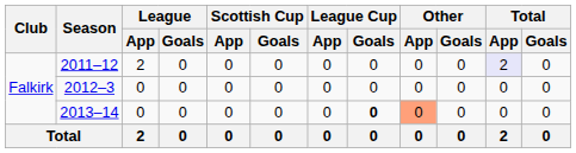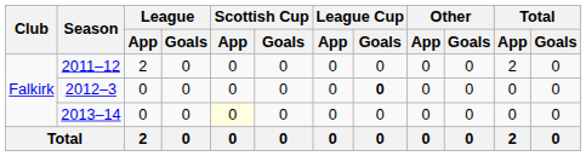 <table class="wikitable">
 <tr>
 <th rowspan=2>Club</th>
 <th rowspan=2>Season</th>
 <th colspan=2>League</th>
 <th colspan=2>Scottish Cup</th>
 <th colspan=2>League Cup</th>
 <th colspan=2>Other</th>
 <th colspan=2>Total</th>
 </tr>
 <tr>
 <th>App</th>
 <th>Goals</th>
 <th>App</th>
 <th>Goals</th>
 <th>App</th>
 <th>Goals</th>
 <th>App</th>
 <th>Goals</th>
 <th>App</th>
 <th>Goals</th>
 </tr>
 <tr align=center>
 <td rowspan=3><a href='#'>Falkirk</a></td>
 <td><a href='#'>2011–12</a></td>
 <td>2</td>
 <td>0</td>
 <td>0</td>
 <td>0</td>
 <td>0</td>
 <td>0</td>
 <td>0</td>
 <td>0</td>
-<td style="background: lavender;">2</td>
+<td>2</td>
 <td>0</td>
 </tr>
 <tr align=center>
 <td><a href='#'>2012–3</a></td>
 <td>0</td>
 <td>0</td>
 <td>0</td>
 <td>0</td>
 <td>0</td>
-<td>0</td>
+<td><strong>0</strong></td>
 <td>0</td>
 <td>0</td>
 <td>0</td>
 <td>0</td>
 </tr>
 <tr align=center>
 <td><a href='#'>2013–14</a></td>
 <td>0</td>
 <td>0</td>
+<td style="background: lightyellow;">0</td>
 <td>0</td>
 <td>0</td>
 <td>0</td>
-<td><strong>0</strong></td>
-<td style="background: lightsalmon;">0</td>
+<td>0</td>
 <td>0</td>
 <td>0</td>
 <td>0</td>
 </tr>
 <tr align=center>
 <th colspan=2>Total</th>
 <th>2</th>
 <th>0</th>
 <th>0</th>
 <th>0</th>
 <th>0</th>
 <th>0</th>
 <th>0</th>
 <th>0</th>
 <th>2</th>
 <th>0</th>
 </tr>
 </table>
